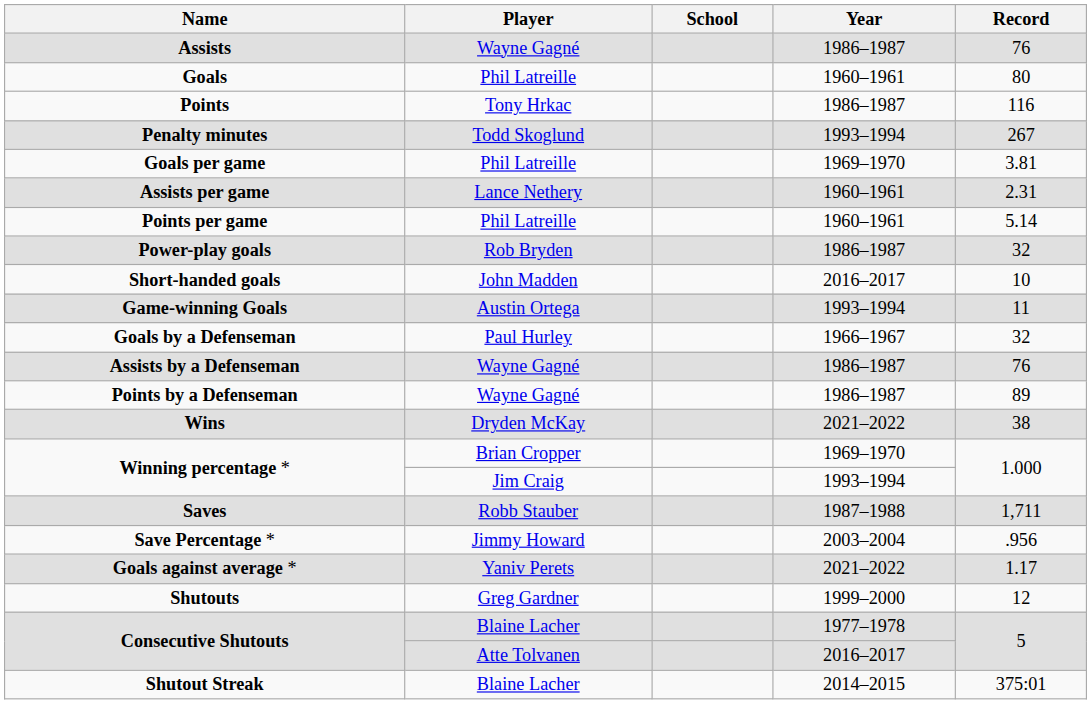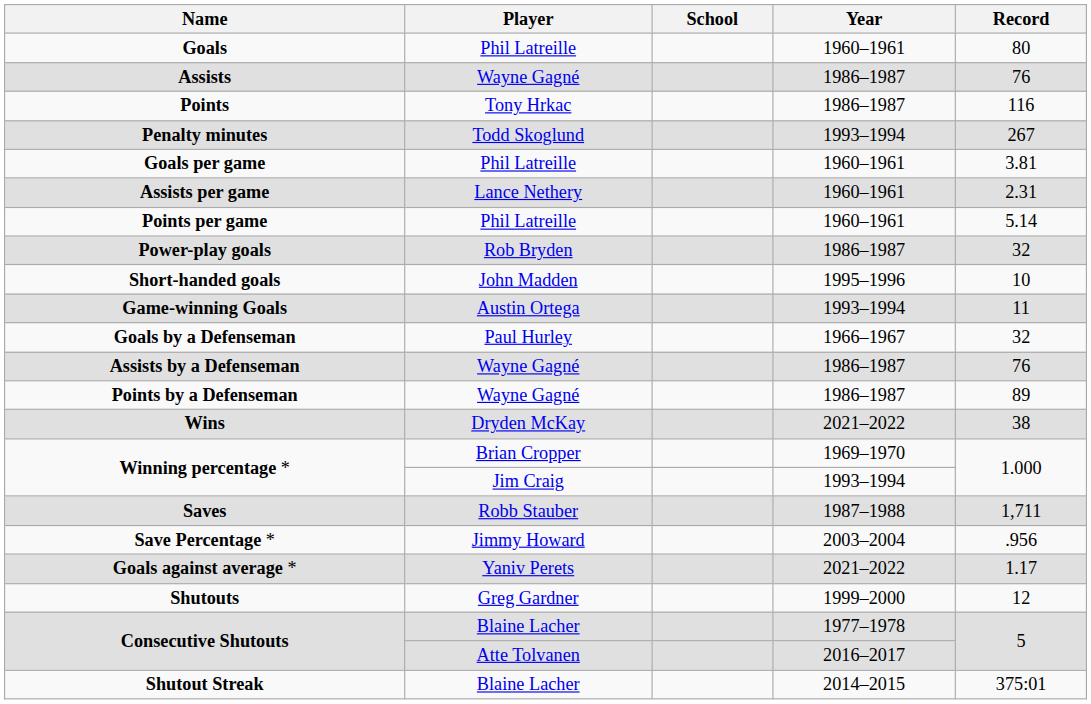 <table class="wikitable" width =60%>
 <tr>
 <th>Name</th>
 <th>Player</th>
 <th>School</th>
 <th>Year</th>
 <th>Record</th>
 </tr>
+<tr align=center>
+<td><strong>Goals</strong></td>
+<td><a href='#'>Phil Latreille</a></td>
+<td><strong><a href='#'></a></strong></td>
+<td>1960–1961</td>
+<td>80</td>
+</tr>
 <tr align=center bgcolor=e0e0e0>
 <td><strong>Assists</strong></td>
 <td><a href='#'>Wayne Gagné</a></td>
 <td><strong><a href='#'></a></strong></td>
 <td>1986–1987</td>
 <td>76</td>
-</tr>
-<tr align=center>
-<td><strong>Goals</strong></td>
-<td><a href='#'>Phil Latreille</a></td>
-<td><strong><a href='#'></a></strong></td>
-<td>1960–1961</td>
-<td>80</td>
 </tr>
 <tr align=center>
 <td><strong>Points</strong></td>
 <td><a href='#'>Tony Hrkac</a></td>
 <td><strong><a href='#'></a></strong></td>
 <td>1986–1987</td>
 <td>116</td>
 </tr>
 <tr align=center bgcolor=e0e0e0>
 <td><strong>Penalty minutes</strong></td>
 <td><a href='#'>Todd Skoglund</a></td>
 <td><strong><a href='#'></a></strong></td>
 <td>1993–1994</td>
 <td>267</td>
 </tr>
 <tr align=center>
 <td><strong>Goals per game</strong></td>
 <td><a href='#'>Phil Latreille</a></td>
 <td><strong><a href='#'></a></strong></td>
-<td>1969–1970</td>
+<td>1960–1961</td>
 <td>3.81</td>
 </tr>
 <tr align=center bgcolor=e0e0e0>
 <td><strong>Assists per game</strong></td>
 <td><a href='#'>Lance Nethery</a></td>
 <td><strong><a href='#'></a></strong></td>
 <td>1960–1961</td>
 <td>2.31</td>
 </tr>
 <tr align=center>
 <td><strong>Points per game</strong></td>
 <td><a href='#'>Phil Latreille</a></td>
 <td><strong><a href='#'></a></strong></td>
 <td>1960–1961</td>
 <td>5.14</td>
 </tr>
 <tr align=center bgcolor=e0e0e0>
 <td><strong>Power-play goals</strong></td>
 <td><a href='#'>Rob Bryden</a></td>
 <td><strong><a href='#'></a></strong></td>
 <td>1986–1987</td>
 <td>32</td>
 </tr>
 <tr align=center>
 <td><strong>Short-handed goals</strong></td>
 <td><a href='#'>John Madden</a></td>
 <td><strong><a href='#'></a></strong></td>
-<td>2016–2017</td>
+<td>1995–1996</td>
 <td>10</td>
 </tr>
 <tr align=center bgcolor=e0e0e0>
 <td><strong>Game-winning Goals</strong></td>
 <td><a href='#'>Austin Ortega</a></td>
 <td><strong><a href='#'></a></strong></td>
 <td>1993–1994</td>
 <td>11</td>
 </tr>
 <tr align=center>
 <td><strong>Goals by a Defenseman</strong></td>
 <td><a href='#'>Paul Hurley</a></td>
 <td><strong><a href='#'></a></strong></td>
 <td>1966–1967</td>
 <td>32</td>
 </tr>
 <tr align=center bgcolor=e0e0e0>
 <td><strong>Assists by a Defenseman</strong></td>
 <td><a href='#'>Wayne Gagné</a></td>
 <td><strong><a href='#'></a></strong></td>
 <td>1986–1987</td>
 <td>76</td>
 </tr>
 <tr align=center>
 <td><strong>Points by a Defenseman</strong></td>
 <td><a href='#'>Wayne Gagné</a></td>
 <td><strong><a href='#'></a></strong></td>
 <td>1986–1987</td>
 <td>89</td>
 </tr>
 <tr align=center bgcolor=e0e0e0>
 <td><strong>Wins</strong></td>
 <td><a href='#'>Dryden McKay</a></td>
 <td><strong><a href='#'></a></strong></td>
 <td>2021–2022</td>
 <td>38</td>
 </tr>
 <tr align=center>
 <td rowspan=2><strong>Winning percentage</strong> *</td>
 <td><a href='#'>Brian Cropper</a></td>
 <td><strong><a href='#'></a></strong></td>
 <td>1969–1970</td>
 <td rowspan=2>1.000</td>
 </tr>
 <tr align=center>
 <td><a href='#'>Jim Craig</a></td>
 <td><strong><a href='#'></a></strong></td>
 <td>1993–1994</td>
 </tr>
 <tr align=center bgcolor=e0e0e0>
 <td><strong>Saves</strong></td>
 <td><a href='#'>Robb Stauber</a></td>
 <td><strong><a href='#'></a></strong></td>
 <td>1987–1988</td>
 <td>1,711</td>
 </tr>
 <tr align=center>
 <td><strong>Save Percentage</strong> *</td>
 <td><a href='#'>Jimmy Howard</a></td>
 <td><strong><a href='#'></a></strong></td>
 <td>2003–2004</td>
 <td>.956</td>
 </tr>
 <tr align=center bgcolor=e0e0e0>
 <td><strong>Goals against average</strong> *</td>
 <td><a href='#'>Yaniv Perets</a></td>
 <td><strong><a href='#'></a></strong></td>
 <td>2021–2022</td>
 <td>1.17</td>
 </tr>
 <tr align=center>
 <td><strong>Shutouts</strong></td>
 <td><a href='#'>Greg Gardner</a></td>
 <td><strong><a href='#'></a></strong></td>
 <td>1999–2000</td>
 <td>12</td>
 </tr>
 <tr align=center bgcolor=e0e0e0>
 <td rowspan=2><strong>Consecutive Shutouts</strong></td>
 <td><a href='#'>Blaine Lacher</a></td>
 <td><strong><a href='#'></a></strong></td>
 <td>1977–1978</td>
 <td rowspan=2>5</td>
 </tr>
 <tr align=center bgcolor=e0e0e0>
 <td><a href='#'>Atte Tolvanen</a></td>
 <td><strong><a href='#'></a></strong></td>
 <td>2016–2017</td>
 </tr>
 <tr align=center>
 <td><strong>Shutout Streak</strong></td>
 <td><a href='#'>Blaine Lacher</a></td>
 <td><strong><a href='#'></a></strong></td>
 <td>2014–2015</td>
 <td>375:01</td>
 </tr>
 </table>
